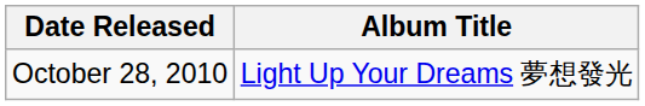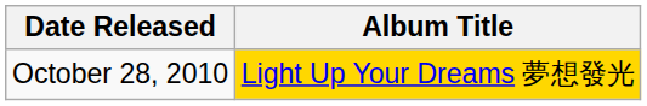 <table class="wikitable" style="text-align:center;">
 <tr>
 <th>Date Released</th>
 <th>Album Title</th>
 </tr>
 <tr>
 <td> October 28, 2010</td>
-<td><a href='#'>Light Up Your Dreams</a> 夢想發光</td>
+<td style="background: gold;"><a href='#'>Light Up Your Dreams</a> 夢想發光</td>
 </tr>
 </table>
